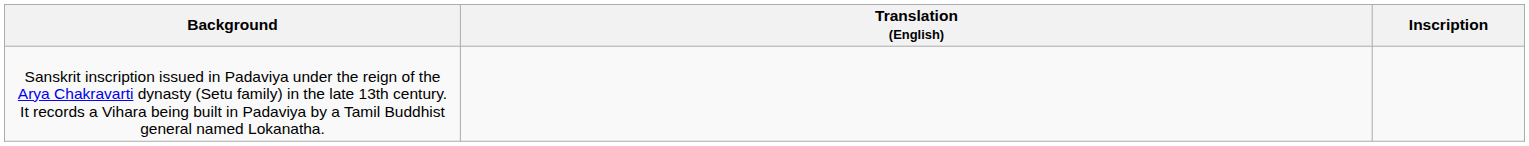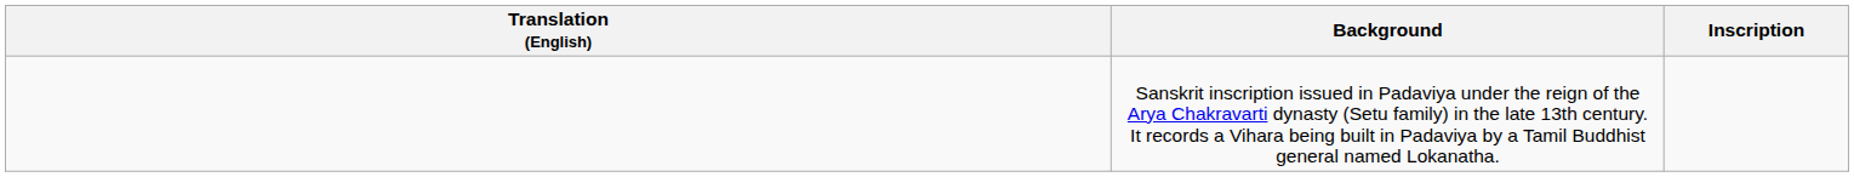 <table class="wikitable centre">
 <tr>
+<th>Translation<br><small>(English)</small></th>
 <th scope="col" align=left>Background<br></th>
-<th>Translation<br><small>(English)</small></th>
 <th>Inscription<br></th>
 </tr>
 <tr>
+<td align=left><br></td>
 <td align=center width="30%"><br>Sanskrit inscription issued in Padaviya under the reign of the <a href='#'>Arya Chakravarti</a> dynasty (Setu family) in the  late 13th century.<br>It records a Vihara being built in Padaviya by a Tamil Buddhist general named Lokanatha.</td>
-<td align=left><br></td>
 <td align=center width="10%"></td>
 </tr>
 </table>
